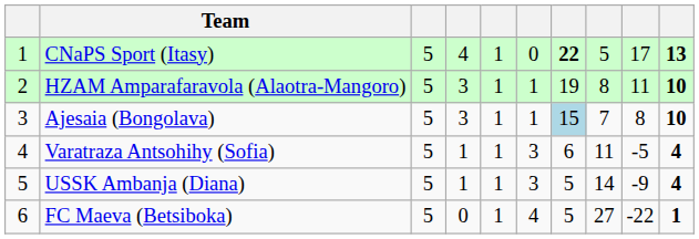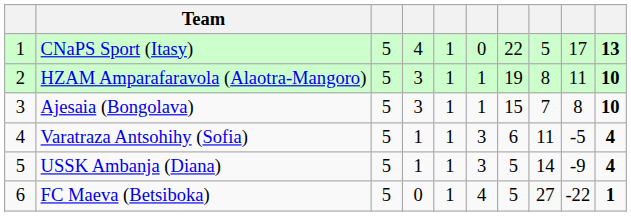 <table class="wikitable" style="text-align: center;">
 <tr>
 <th width=20></th>
 <th>Team</th>
 <th width=20></th>
 <th width=20></th>
 <th width=20></th>
 <th width=20></th>
 <th width=20></th>
 <th width=20></th>
 <th width=20></th>
 <th width=20></th>
 </tr>
 <tr bgcolor=#ccffcc>
 <td>1</td>
 <td align=left><a href='#'>CNaPS Sport</a> (<a href='#'>Itasy</a>)</td>
 <td>5</td>
 <td>4</td>
 <td>1</td>
 <td>0</td>
-<td><strong>22</strong></td>
+<td>22</td>
 <td>5</td>
 <td>17</td>
 <td><strong>13</strong></td>
 </tr>
 <tr bgcolor=#ccffcc>
 <td>2</td>
 <td align=left><a href='#'>HZAM Amparafaravola</a> (<a href='#'>Alaotra-Mangoro</a>)</td>
 <td>5</td>
 <td>3</td>
 <td>1</td>
 <td>1</td>
 <td>19</td>
 <td>8</td>
 <td>11</td>
 <td><strong>10</strong></td>
 </tr>
 <tr>
 <td>3</td>
 <td align=left><a href='#'>Ajesaia</a> (<a href='#'>Bongolava</a>)</td>
 <td>5</td>
 <td>3</td>
 <td>1</td>
 <td>1</td>
-<td style="background: lightblue;">15</td>
+<td>15</td>
 <td>7</td>
 <td>8</td>
 <td><strong>10</strong></td>
 </tr>
 <tr>
 <td>4</td>
 <td align=left><a href='#'>Varatraza Antsohihy</a> (<a href='#'>Sofia</a>)</td>
 <td>5</td>
 <td>1</td>
 <td>1</td>
 <td>3</td>
 <td>6</td>
 <td>11</td>
 <td>-5</td>
 <td><strong>4</strong></td>
 </tr>
 <tr>
 <td>5</td>
 <td align=left><a href='#'>USSK Ambanja</a> (<a href='#'>Diana</a>)</td>
 <td>5</td>
 <td>1</td>
 <td>1</td>
 <td>3</td>
 <td>5</td>
 <td>14</td>
 <td>-9</td>
 <td><strong>4</strong></td>
 </tr>
 <tr>
 <td>6</td>
 <td align=left><a href='#'>FC Maeva</a> (<a href='#'>Betsiboka</a>)</td>
 <td>5</td>
 <td>0</td>
 <td>1</td>
 <td>4</td>
 <td>5</td>
 <td>27</td>
 <td>-22</td>
 <td><strong>1</strong></td>
 </tr>
 </table>
